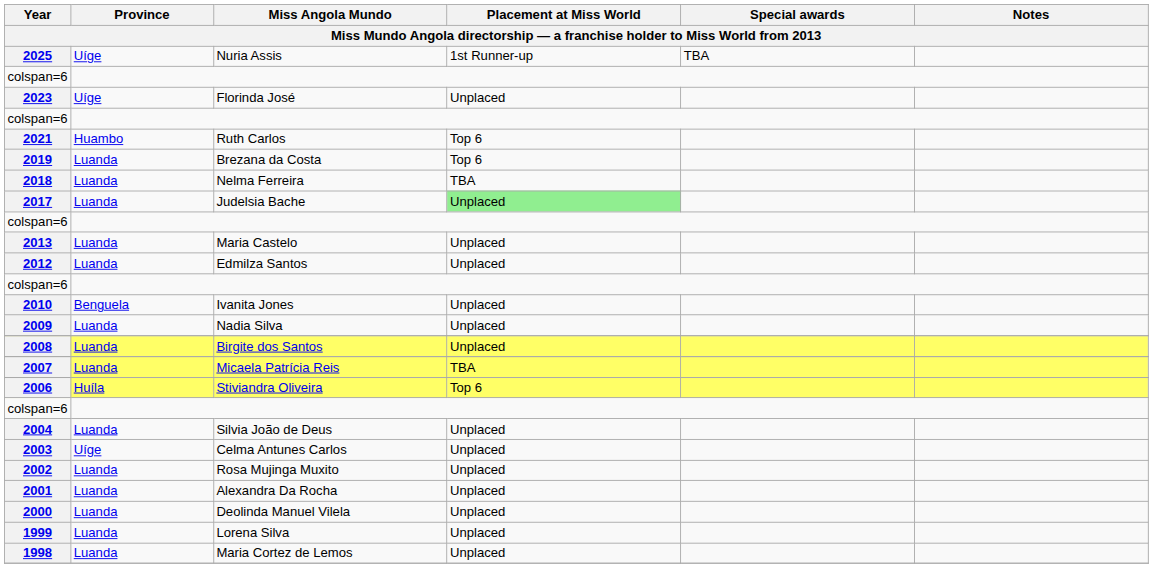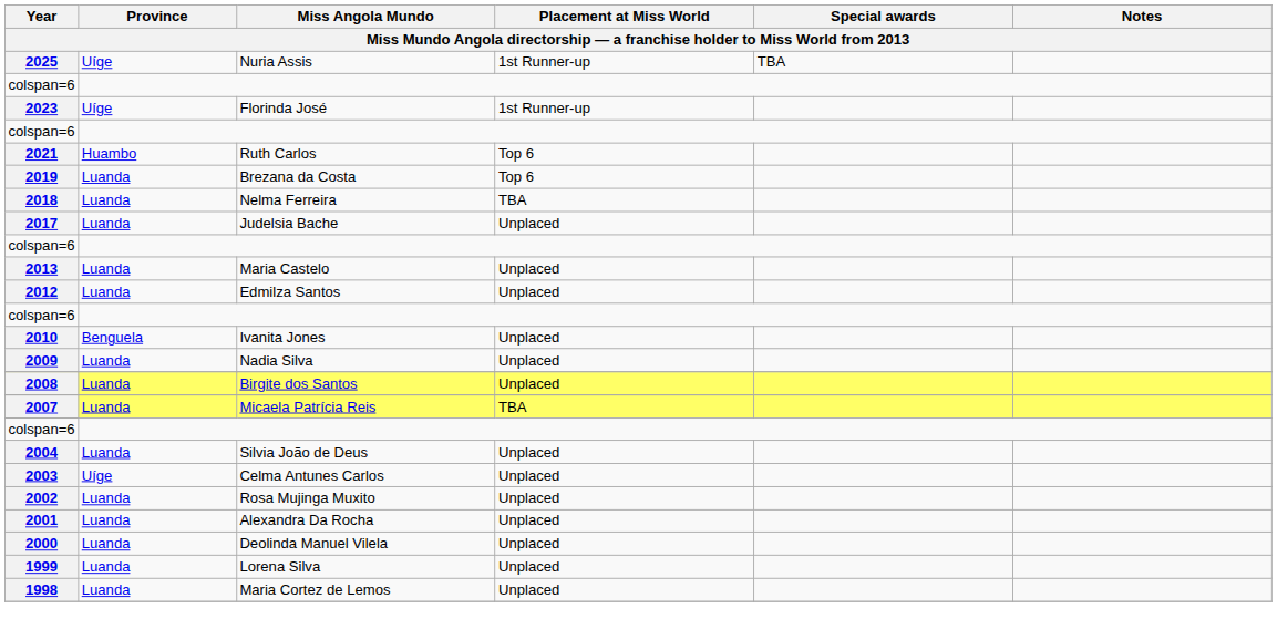 <table class="wikitable " style="font-size: 90%;">
 <tr>
 <th width="60">Year</th>
 <th width="150">Province</th>
 <th width="250">Miss Angola Mundo</th>
 <th width="250">Placement at Miss World</th>
 <th width="250">Special awards</th>
 <th width="250">Notes</th>
 </tr>
 <tr>
 <th colspan="6">Miss Mundo Angola directorship — a franchise holder to Miss World from 2013</th>
 </tr>
 <tr>
 <th><a href='#'>2025</a></th>
 <td><a href='#'>Uíge</a></td>
 <td>Nuria Assis</td>
 <td>1st Runner-up</td>
 <td>TBA</td>
 <td></td>
 </tr>
 <tr>
 <td>colspan=6 </td>
 </tr>
 <tr>
 <th><a href='#'>2023</a></th>
 <td><a href='#'>Uíge</a></td>
 <td>Florinda José</td>
-<td>Unplaced</td>
+<td>1st Runner-up</td>
 <td></td>
 <td></td>
 </tr>
 <tr>
 <td>colspan=6 </td>
 </tr>
 <tr>
 <th><a href='#'>2021</a></th>
 <td><a href='#'>Huambo</a></td>
 <td>Ruth Carlos</td>
 <td>Top 6</td>
 <td></td>
 <td></td>
 </tr>
 <tr>
 <th><a href='#'>2019</a></th>
 <td><a href='#'>Luanda</a></td>
 <td>Brezana da Costa</td>
 <td>Top 6</td>
 <td></td>
 <td></td>
 </tr>
 <tr>
 <th><a href='#'>2018</a></th>
 <td><a href='#'>Luanda</a></td>
 <td>Nelma Ferreira</td>
 <td>TBA</td>
 <td></td>
 <td></td>
 </tr>
 <tr>
 <th><a href='#'>2017</a></th>
 <td><a href='#'>Luanda</a></td>
 <td>Judelsia Bache</td>
-<td style="background: lightgreen;">Unplaced</td>
+<td>Unplaced</td>
 <td></td>
 <td></td>
 </tr>
 <tr>
 <td>colspan=6 </td>
 </tr>
 <tr>
 <th><a href='#'>2013</a></th>
 <td><a href='#'>Luanda</a></td>
 <td>Maria Castelo</td>
 <td>Unplaced</td>
 <td></td>
 <td></td>
 </tr>
 <tr>
 <th><a href='#'>2012</a></th>
 <td><a href='#'>Luanda</a></td>
 <td>Edmilza Santos</td>
 <td>Unplaced</td>
 <td></td>
 <td></td>
 </tr>
 <tr>
 <td>colspan=6 </td>
 </tr>
 <tr>
 <th><a href='#'>2010</a></th>
 <td><a href='#'>Benguela</a></td>
 <td>Ivanita Jones</td>
 <td>Unplaced</td>
 <td></td>
 <td></td>
 </tr>
 <tr>
 <th><a href='#'>2009</a></th>
 <td><a href='#'>Luanda</a></td>
 <td>Nadia Silva</td>
 <td>Unplaced</td>
 <td></td>
 <td></td>
 </tr>
 <tr>
 </tr>
 <tr style="background-color:#FFFF66; ">
 <th><a href='#'>2008</a></th>
 <td><a href='#'>Luanda</a></td>
 <td><a href='#'>Birgite dos Santos</a></td>
 <td>Unplaced</td>
 <td></td>
 <td></td>
 </tr>
 <tr>
 </tr>
 <tr style="background-color:#FFFF66; ">
 <th><a href='#'>2007</a></th>
 <td><a href='#'>Luanda</a></td>
 <td><a href='#'>Micaela Patrícia Reis</a></td>
 <td>TBA</td>
 <td></td>
 <td></td>
 </tr>
 <tr>
 </tr>
-<tr style="background-color:#FFFF66; ">
-<th><a href='#'>2006</a></th>
-<td><a href='#'>Huíla</a></td>
-<td><a href='#'>Stiviandra Oliveira</a></td>
-<td>Top 6</td>
-<td></td>
-<td></td>
-</tr>
 <tr>
 <td>colspan=6 </td>
 </tr>
 <tr>
 <th><a href='#'>2004</a></th>
 <td><a href='#'>Luanda</a></td>
 <td>Silvia João de Deus</td>
 <td>Unplaced</td>
 <td></td>
 <td></td>
 </tr>
 <tr>
 <th><a href='#'>2003</a></th>
 <td><a href='#'>Uíge</a></td>
 <td>Celma Antunes Carlos</td>
 <td>Unplaced</td>
 <td></td>
 <td></td>
 </tr>
 <tr>
 <th><a href='#'>2002</a></th>
 <td><a href='#'>Luanda</a></td>
 <td>Rosa Mujinga Muxito</td>
 <td>Unplaced</td>
 <td></td>
 <td></td>
 </tr>
 <tr>
 <th><a href='#'>2001</a></th>
 <td><a href='#'>Luanda</a></td>
 <td>Alexandra Da Rocha</td>
 <td>Unplaced</td>
 <td></td>
 <td></td>
 </tr>
 <tr>
 <th><a href='#'>2000</a></th>
 <td><a href='#'>Luanda</a></td>
 <td>Deolinda Manuel Vilela</td>
 <td>Unplaced</td>
 <td></td>
 <td></td>
 </tr>
 <tr>
 <th><a href='#'>1999</a></th>
 <td><a href='#'>Luanda</a></td>
 <td>Lorena Silva</td>
 <td>Unplaced</td>
 <td></td>
 <td></td>
 </tr>
 <tr>
 <th><a href='#'>1998</a></th>
 <td><a href='#'>Luanda</a></td>
 <td>Maria Cortez de Lemos</td>
 <td>Unplaced</td>
 <td></td>
 <td></td>
 </tr>
 <tr>
 </tr>
 </table>
